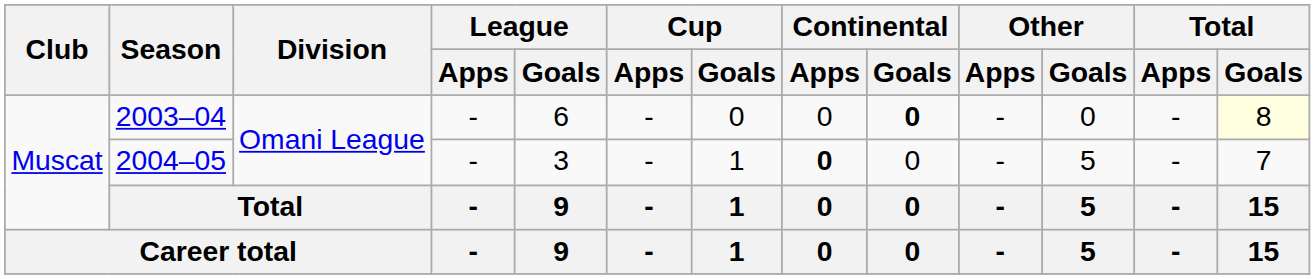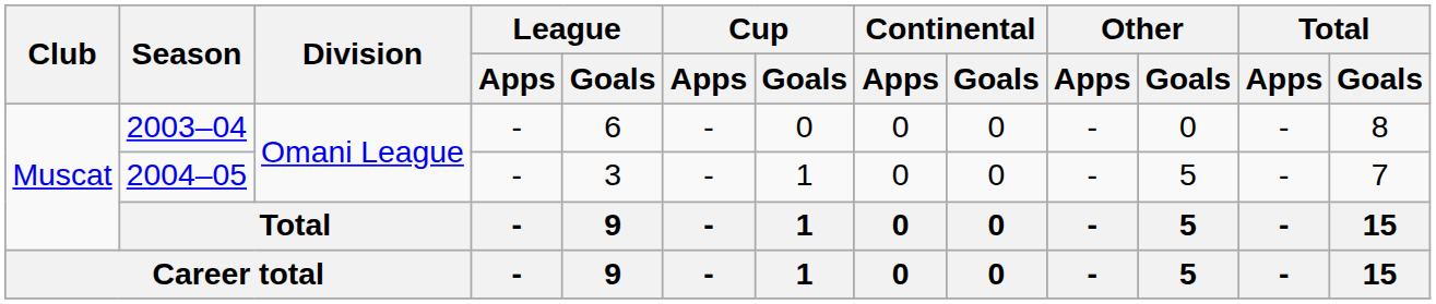 <table class="wikitable" style="text-align: center;">
 <tr>
 <th rowspan="2">Club</th>
 <th rowspan="2">Season</th>
 <th rowspan="2">Division</th>
 <th colspan="2">League</th>
 <th colspan="2">Cup</th>
 <th colspan="2">Continental</th>
 <th colspan="2">Other</th>
 <th colspan="2">Total</th>
 </tr>
 <tr>
 <th>Apps</th>
 <th>Goals</th>
 <th>Apps</th>
 <th>Goals</th>
 <th>Apps</th>
 <th>Goals</th>
 <th>Apps</th>
 <th>Goals</th>
 <th>Apps</th>
 <th>Goals</th>
 </tr>
 <tr>
 <td rowspan="3"><a href='#'>Muscat</a></td>
 <td><a href='#'>2003–04</a></td>
 <td rowspan="2"><a href='#'>Omani League</a></td>
 <td>-</td>
 <td>6</td>
 <td>-</td>
 <td>0</td>
 <td>0</td>
-<td><strong>0</strong></td>
+<td>0</td>
 <td>-</td>
 <td>0</td>
 <td>-</td>
-<td style="background: lightyellow;">8</td>
+<td>8</td>
 </tr>
 <tr>
 <td><a href='#'>2004–05</a></td>
 <td>-</td>
 <td>3</td>
 <td>-</td>
 <td>1</td>
-<td><strong>0</strong></td>
+<td>0</td>
 <td>0</td>
 <td>-</td>
 <td>5</td>
 <td>-</td>
 <td>7</td>
 </tr>
 <tr>
 <th colspan="2">Total</th>
 <th>-</th>
 <th>9</th>
 <th>-</th>
 <th>1</th>
 <th>0</th>
 <th>0</th>
 <th>-</th>
 <th>5</th>
 <th>-</th>
 <th>15</th>
 </tr>
 <tr>
 <th colspan="3">Career total</th>
 <th>-</th>
 <th>9</th>
 <th>-</th>
 <th>1</th>
 <th>0</th>
 <th>0</th>
 <th>-</th>
 <th>5</th>
 <th>-</th>
 <th>15</th>
 </tr>
 </table>
